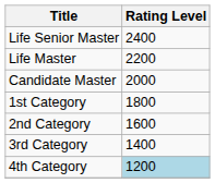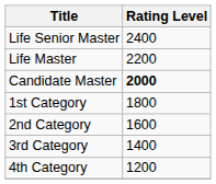 <table class="wikitable" align = "right">
 <tr>
 <th>Title</th>
 <th>Rating Level</th>
 </tr>
 <tr>
 <td>Life Senior Master</td>
 <td>2400</td>
 </tr>
 <tr>
 <td>Life Master</td>
 <td>2200</td>
 </tr>
 <tr>
 <td>Candidate Master</td>
-<td>2000</td>
+<td><strong>2000</strong></td>
 </tr>
 <tr>
 <td>1st Category</td>
 <td>1800</td>
 </tr>
 <tr>
 <td>2nd Category</td>
 <td>1600</td>
 </tr>
 <tr>
 <td>3rd Category</td>
 <td>1400</td>
 </tr>
 <tr>
 <td>4th Category</td>
-<td style="background: lightblue;">1200</td>
+<td>1200</td>
 </tr>
 <tr>
 </tr>
 </table>
